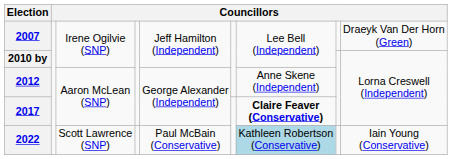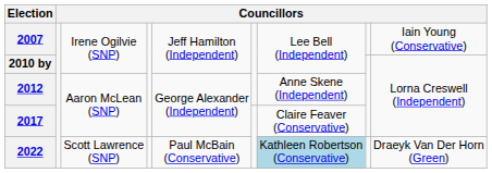 <table class="wikitable" style="text-align:center">
 <tr>
 <th>Election</th>
 <th colspan=8>Councillors</th>
 </tr>
 <tr>
 <th><a href='#'>2007</a></th>
 <td rowspan=5; style="background-color: "></td>
 <td rowspan=2>Irene Ogilvie<br>(<a href='#'>SNP</a>)</td>
 <td rowspan=4; style="background-color: "></td>
 <td rowspan=2>Jeff Hamilton<br>(<a href='#'>Independent</a>)</td>
 <td rowspan=3; style="background-color: "></td>
 <td rowspan=2>Lee Bell<br>(<a href='#'>Independent</a>)</td>
 <td rowspan=1; style="background-color: "></td>
-<td rowspan=1>Draeyk Van Der Horn<br>(<a href='#'>Green</a>)</td>
+<td rowspan=1>Iain Young<br>(<a href='#'>Conservative</a>)</td>
 </tr>
 <tr>
 <th>2010 by</th>
 <td rowspan=3; style="background-color: "></td>
 <td rowspan=3>Lorna Creswell<br>(<a href='#'>Independent</a>)</td>
 </tr>
 <tr>
 <th><a href='#'>2012</a></th>
 <td rowspan=2>Aaron McLean<br>(<a href='#'>SNP</a>)</td>
 <td rowspan=2>George Alexander<br>(<a href='#'>Independent</a>)</td>
 <td rowspan=1>Anne Skene<br>(<a href='#'>Independent</a>)</td>
 </tr>
 <tr>
 <th><a href='#'>2017</a></th>
 <td rowspan=2; style="background-color: "></td>
-<td rowspan=1><strong>Claire Feaver<br>(<a href='#'>Conservative</a>)</strong></td>
+<td rowspan=1>Claire Feaver<br>(<a href='#'>Conservative</a>)</td>
 </tr>
 <tr>
 <th><a href='#'>2022</a></th>
 <td rowspan=1>Scott Lawrence<br>(<a href='#'>SNP</a>)</td>
 <td rowspan=1; style="background-color: "></td>
 <td rowspan=1>Paul McBain<br>(<a href='#'>Conservative</a>)</td>
 <td rowspan=1 style="background: lightblue;">Kathleen Robertson<br>(<a href='#'>Conservative</a>)</td>
 <td rowspan=1; style="background-color: "></td>
-<td rowspan=1>Iain Young<br>(<a href='#'>Conservative</a>)</td>
+<td rowspan=1>Draeyk Van Der Horn<br>(<a href='#'>Green</a>)</td>
 </tr>
 </table>
